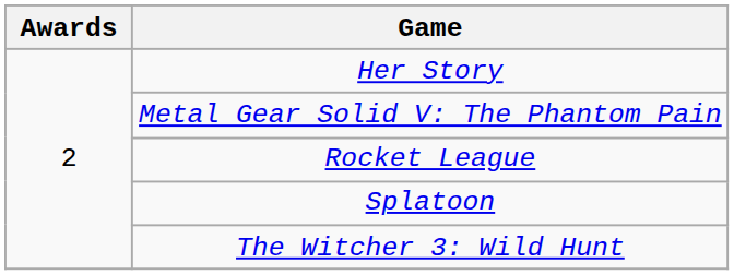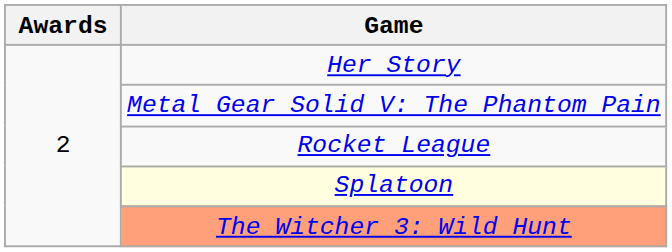 <table class="wikitable" style="text-align:center;">
 <tr>
 <th width="55">Awards</th>
 <th align="center">Game</th>
 </tr>
 <tr>
 <td rowspan=5 style="text-align:center">2</td>
 <td><em><a href='#'>Her Story</a></em></td>
 </tr>
 <tr>
 <td><em><a href='#'>Metal Gear Solid V: The Phantom Pain</a></em></td>
 </tr>
 <tr>
 <td><em><a href='#'>Rocket League</a></em></td>
 </tr>
 <tr>
-<td><em><a href='#'>Splatoon</a></em></td>
+<td style="background: lightyellow;"><em><a href='#'>Splatoon</a></em></td>
 </tr>
 <tr>
-<td><em><a href='#'>The Witcher 3: Wild Hunt</a></em></td>
+<td style="background: lightsalmon;"><em><a href='#'>The Witcher 3: Wild Hunt</a></em></td>
 </tr>
 </table>
